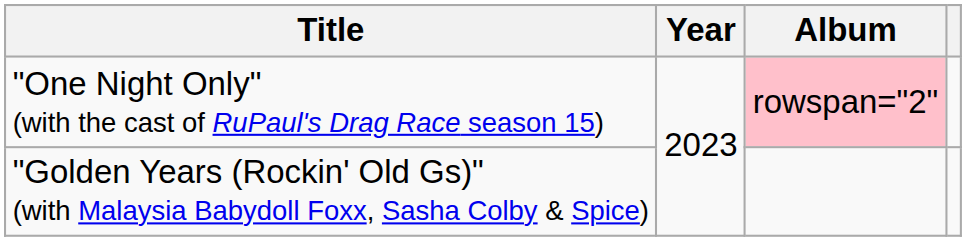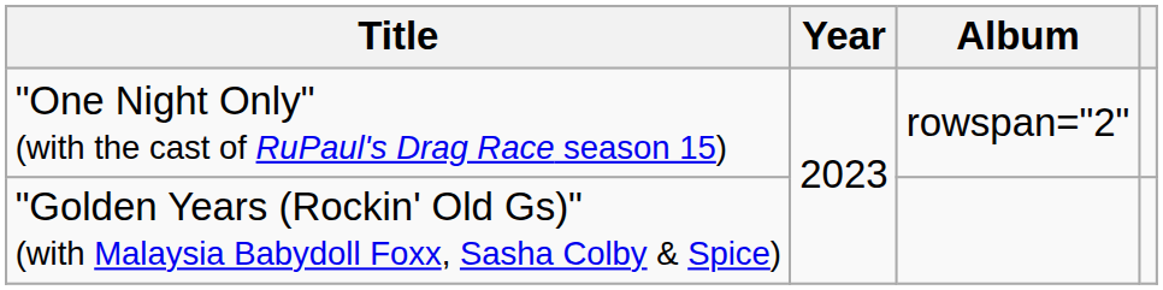 <table class="wikitable plainrowheaders sortable">
 <tr>
 <th>Title</th>
 <th>Year</th>
 <th>Album</th>
 <th style="text-align: center;" class="unsortable"></th>
 </tr>
 <tr>
 <td>"One Night Only"<br><small>(with the cast of <a href='#'><em>RuPaul's Drag Race</em> season 15</a>)</small></td>
 <td rowspan="5">2023</td>
-<td style="background: pink;">rowspan="2" </td>
+<td>rowspan="2" </td>
 <td style="text-align: center;"><br></td>
 </tr>
 <tr>
 <td scope="row">"Golden Years (Rockin' Old Gs)"<br><small>(with <a href='#'>Malaysia Babydoll Foxx</a>, <a href='#'>Sasha Colby</a> & <a href='#'>Spice</a>)</small></td>
 <td style="text-align: center;"></td>
 </tr>
 </table>
